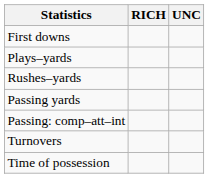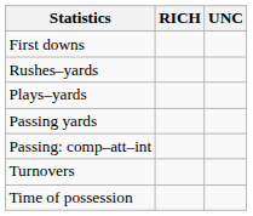 <table class="wikitable" style="float:left">
 <tr>
 <th>Statistics</th>
 <th>RICH</th>
 <th>UNC</th>
 </tr>
 <tr>
 <td>First downs</td>
 <td></td>
 <td></td>
 </tr>
 <tr>
-<td>Plays–yards</td>
+<td>Rushes–yards</td>
 <td></td>
 <td></td>
 </tr>
 <tr>
-<td>Rushes–yards</td>
+<td>Plays–yards</td>
 <td></td>
 <td></td>
 </tr>
 <tr>
 <td>Passing yards</td>
 <td></td>
 <td></td>
 </tr>
 <tr>
 <td>Passing: comp–att–int</td>
 <td></td>
 <td></td>
 </tr>
 <tr>
 <td>Turnovers</td>
 <td></td>
 <td></td>
 </tr>
 <tr>
 <td>Time of possession</td>
 <td></td>
 <td></td>
 </tr>
 </table>
